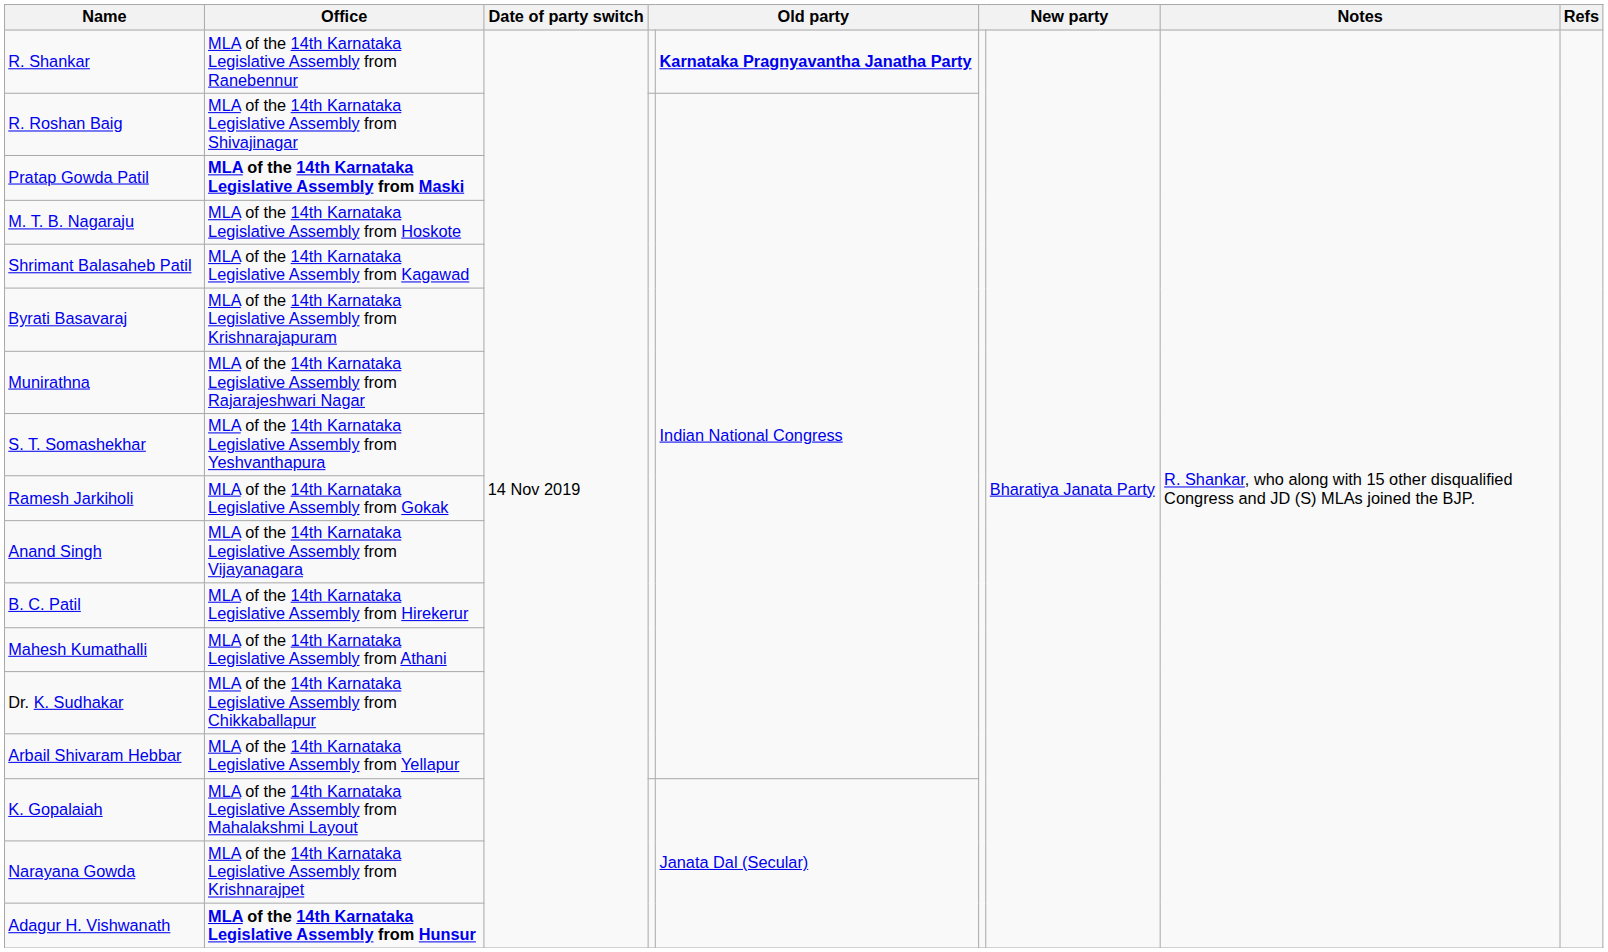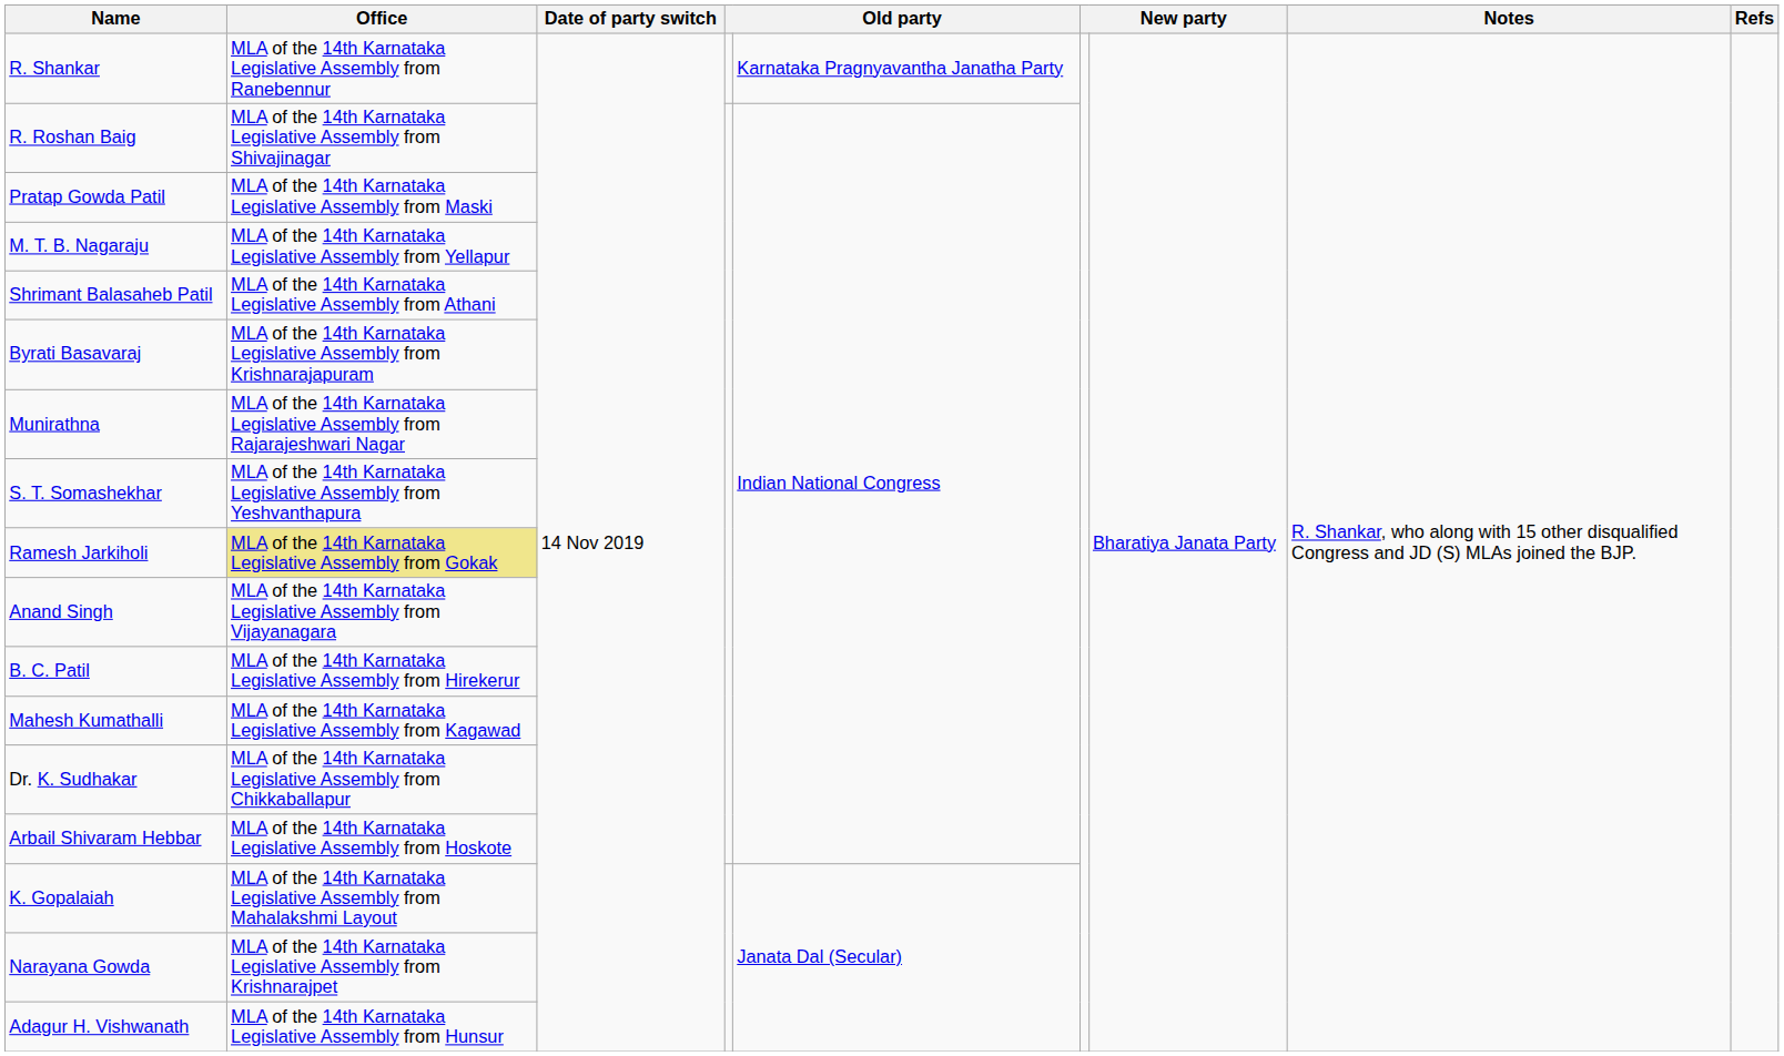 <table class="wikitable sortable">
 <tr>
 <th style="min-width: 10%; width: 12.5%; max-width: 12.5%;">Name</th>
 <th style="min-width: 10%; width: 17.5%; max-width: 20%;">Office</th>
 <th style="min-width: 10%;">Date of party switch</th>
 <th colspan="2">Old party</th>
 <th colspan="2">New party</th>
 <th style="min-width: 10%; width: 25%; max-width: 35%;">Notes</th>
 <th style="min-width: 1em; width: 2.5%; max-width: 5%;">Refs</th>
 </tr>
 <tr>
 <td><a href='#'>R. Shankar</a></td>
 <td><a href='#'>MLA</a> of the <a href='#'>14th Karnataka Legislative Assembly</a> from <a href='#'>Ranebennur</a></td>
 <td rowspan="17">14 Nov 2019</td>
 <td style="background-color: "></td>
-<td><strong><a href='#'>Karnataka Pragnyavantha Janatha Party</a></strong></td>
+<td><a href='#'>Karnataka Pragnyavantha Janatha Party</a></td>
 <td rowspan="17" style="background-color: "></td>
 <td rowspan="17"><a href='#'>Bharatiya Janata Party</a></td>
 <td rowspan="17"><a href='#'>R. Shankar</a>, who along with 15 other disqualified Congress and JD (S) MLAs joined the BJP.</td>
 <td rowspan="17"></td>
 </tr>
 <tr>
 <td><a href='#'>R. Roshan Baig</a></td>
 <td><a href='#'>MLA</a> of the <a href='#'>14th Karnataka Legislative Assembly</a> from <a href='#'>Shivajinagar</a></td>
 <td rowspan="13" style="background-color: "></td>
 <td rowspan="13"><a href='#'>Indian National Congress</a></td>
 </tr>
 <tr>
 <td><a href='#'>Pratap Gowda Patil</a></td>
-<td><strong><a href='#'>MLA</a> of the <a href='#'>14th Karnataka Legislative Assembly</a> from <a href='#'>Maski</a></strong></td>
+<td><a href='#'>MLA</a> of the <a href='#'>14th Karnataka Legislative Assembly</a> from <a href='#'>Maski</a></td>
 </tr>
 <tr>
 <td><a href='#'>M. T. B. Nagaraju</a></td>
-<td><a href='#'>MLA</a> of the <a href='#'>14th Karnataka Legislative Assembly</a> from <a href='#'>Hoskote</a></td>
+<td><a href='#'>MLA</a> of the <a href='#'>14th Karnataka Legislative Assembly</a> from <a href='#'>Yellapur</a></td>
 </tr>
 <tr>
 <td><a href='#'>Shrimant Balasaheb Patil</a></td>
-<td><a href='#'>MLA</a> of the <a href='#'>14th Karnataka Legislative Assembly</a> from <a href='#'>Kagawad</a></td>
+<td><a href='#'>MLA</a> of the <a href='#'>14th Karnataka Legislative Assembly</a> from <a href='#'>Athani</a></td>
 </tr>
 <tr>
 <td><a href='#'>Byrati Basavaraj</a></td>
 <td><a href='#'>MLA</a> of the <a href='#'>14th Karnataka Legislative Assembly</a> from <a href='#'>Krishnarajapuram</a></td>
 </tr>
 <tr>
 <td><a href='#'>Munirathna</a></td>
 <td><a href='#'>MLA</a> of the <a href='#'>14th Karnataka Legislative Assembly</a> from <a href='#'>Rajarajeshwari Nagar</a></td>
 </tr>
 <tr>
 <td><a href='#'>S. T. Somashekhar</a></td>
 <td><a href='#'>MLA</a> of the <a href='#'>14th Karnataka Legislative Assembly</a> from <a href='#'>Yeshvanthapura</a></td>
 </tr>
 <tr>
 <td><a href='#'>Ramesh Jarkiholi</a></td>
-<td><a href='#'>MLA</a> of the <a href='#'>14th Karnataka Legislative Assembly</a> from <a href='#'>Gokak</a></td>
+<td style="background: khaki;"><a href='#'>MLA</a> of the <a href='#'>14th Karnataka Legislative Assembly</a> from <a href='#'>Gokak</a></td>
 </tr>
 <tr>
 <td><a href='#'>Anand Singh</a></td>
 <td><a href='#'>MLA</a> of the <a href='#'>14th Karnataka Legislative Assembly</a> from <a href='#'>Vijayanagara</a></td>
 </tr>
 <tr>
 <td><a href='#'>B. C. Patil</a></td>
 <td><a href='#'>MLA</a> of the <a href='#'>14th Karnataka Legislative Assembly</a> from <a href='#'>Hirekerur</a></td>
 </tr>
 <tr>
 <td><a href='#'>Mahesh Kumathalli</a></td>
-<td><a href='#'>MLA</a> of the <a href='#'>14th Karnataka Legislative Assembly</a> from <a href='#'>Athani</a></td>
+<td><a href='#'>MLA</a> of the <a href='#'>14th Karnataka Legislative Assembly</a> from <a href='#'>Kagawad</a></td>
 </tr>
 <tr>
 <td>Dr. <a href='#'>K. Sudhakar</a></td>
 <td><a href='#'>MLA</a> of the <a href='#'>14th Karnataka Legislative Assembly</a> from <a href='#'>Chikkaballapur</a></td>
 </tr>
 <tr>
 <td><a href='#'>Arbail Shivaram Hebbar</a></td>
-<td><a href='#'>MLA</a> of the <a href='#'>14th Karnataka Legislative Assembly</a> from <a href='#'>Yellapur</a></td>
+<td><a href='#'>MLA</a> of the <a href='#'>14th Karnataka Legislative Assembly</a> from <a href='#'>Hoskote</a></td>
 </tr>
 <tr>
 <td><a href='#'>K. Gopalaiah</a></td>
 <td><a href='#'>MLA</a> of the <a href='#'>14th Karnataka Legislative Assembly</a> from <a href='#'>Mahalakshmi Layout</a></td>
 <td rowspan="3" style="background-color: "></td>
 <td rowspan="3"><a href='#'>Janata Dal (Secular)</a></td>
 </tr>
 <tr>
 <td><a href='#'>Narayana Gowda</a></td>
 <td><a href='#'>MLA</a> of the <a href='#'>14th Karnataka Legislative Assembly</a> from <a href='#'>Krishnarajpet</a></td>
 </tr>
 <tr>
 <td><a href='#'>Adagur H. Vishwanath</a></td>
-<td><strong><a href='#'>MLA</a> of the <a href='#'>14th Karnataka Legislative Assembly</a> from <a href='#'>Hunsur</a></strong></td>
+<td><a href='#'>MLA</a> of the <a href='#'>14th Karnataka Legislative Assembly</a> from <a href='#'>Hunsur</a></td>
 </tr>
 </table>
